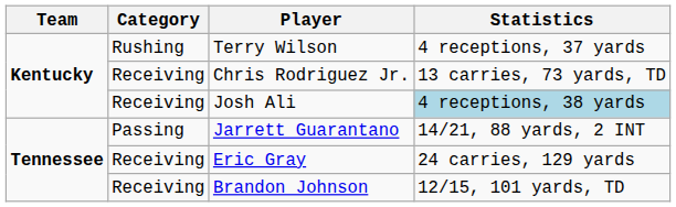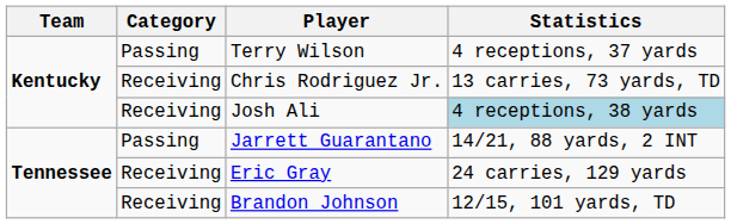 <table class="wikitable" style="float: right;">
 <tr>
 <th>Team</th>
 <th>Category</th>
 <th>Player</th>
 <th>Statistics</th>
 </tr>
 <tr>
 <td rowspan=3><strong>Kentucky</strong></td>
-<td>Rushing</td>
+<td>Passing</td>
 <td>Terry Wilson</td>
 <td>4 receptions, 37 yards</td>
 </tr>
 <tr>
 <td>Receiving</td>
 <td>Chris Rodriguez Jr.</td>
 <td>13 carries, 73 yards, TD</td>
 </tr>
 <tr>
 <td>Receiving</td>
 <td>Josh Ali</td>
 <td style="background: lightblue;">4 receptions, 38 yards</td>
 </tr>
 <tr>
 <td rowspan=3><strong>Tennessee</strong></td>
 <td>Passing</td>
 <td><a href='#'>Jarrett Guarantano</a></td>
 <td>14/21, 88 yards, 2 INT</td>
 </tr>
 <tr>
 <td>Receiving</td>
 <td><a href='#'>Eric Gray</a></td>
 <td>24 carries, 129 yards</td>
 </tr>
 <tr>
 <td>Receiving</td>
 <td><a href='#'>Brandon Johnson</a></td>
 <td>12/15, 101 yards, TD</td>
 </tr>
 </table>
